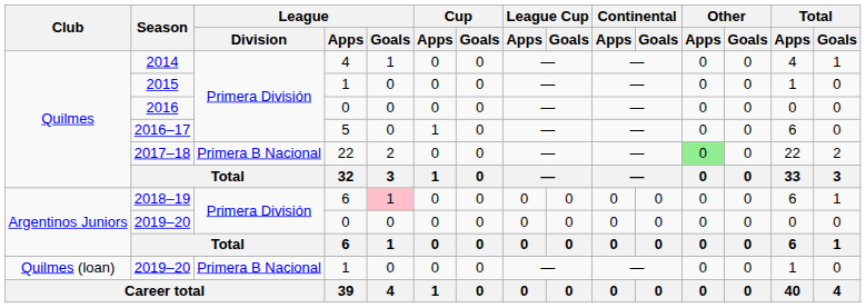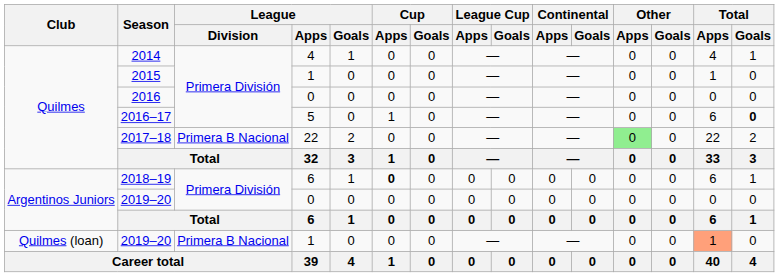 <table class="wikitable" style="text-align:center">
 <tr>
 <th rowspan="2">Club</th>
 <th rowspan="2">Season</th>
 <th colspan="3">League</th>
 <th colspan="2">Cup</th>
 <th colspan="2">League Cup</th>
 <th colspan="2">Continental</th>
 <th colspan="2">Other</th>
 <th colspan="2">Total</th>
 </tr>
 <tr>
 <th>Division</th>
 <th>Apps</th>
 <th>Goals</th>
 <th>Apps</th>
 <th>Goals</th>
 <th>Apps</th>
 <th>Goals</th>
 <th>Apps</th>
 <th>Goals</th>
 <th>Apps</th>
 <th>Goals</th>
 <th>Apps</th>
 <th>Goals</th>
 </tr>
 <tr>
 <td rowspan="6"><a href='#'>Quilmes</a></td>
 <td><a href='#'>2014</a></td>
 <td rowspan="4"><a href='#'>Primera División</a></td>
 <td>4</td>
 <td>1</td>
 <td>0</td>
 <td>0</td>
 <td colspan="2">—</td>
 <td colspan="2">—</td>
 <td>0</td>
 <td>0</td>
 <td>4</td>
 <td>1</td>
 </tr>
 <tr>
 <td><a href='#'>2015</a></td>
 <td>1</td>
 <td>0</td>
 <td>0</td>
 <td>0</td>
 <td colspan="2">—</td>
 <td colspan="2">—</td>
 <td>0</td>
 <td>0</td>
 <td>1</td>
 <td>0</td>
 </tr>
 <tr>
 <td><a href='#'>2016</a></td>
 <td>0</td>
 <td>0</td>
 <td>0</td>
 <td>0</td>
 <td colspan="2">—</td>
 <td colspan="2">—</td>
 <td>0</td>
 <td>0</td>
 <td>0</td>
 <td>0</td>
 </tr>
 <tr>
 <td><a href='#'>2016–17</a></td>
 <td>5</td>
 <td>0</td>
 <td>1</td>
 <td>0</td>
 <td colspan="2">—</td>
 <td colspan="2">—</td>
 <td>0</td>
 <td>0</td>
 <td>6</td>
-<td>0</td>
+<td><strong>0</strong></td>
 </tr>
 <tr>
 <td><a href='#'>2017–18</a></td>
 <td rowspan="1"><a href='#'>Primera B Nacional</a></td>
 <td>22</td>
 <td>2</td>
 <td>0</td>
 <td>0</td>
 <td colspan="2">—</td>
 <td colspan="2">—</td>
 <td style="background: lightgreen;">0</td>
 <td>0</td>
 <td>22</td>
 <td>2</td>
 </tr>
 <tr>
 <th colspan="2">Total</th>
 <th>32</th>
 <th>3</th>
 <th>1</th>
 <th>0</th>
 <th colspan="2">—</th>
 <th colspan="2">—</th>
 <th>0</th>
 <th>0</th>
 <th>33</th>
 <th>3</th>
 </tr>
 <tr>
 <td rowspan="3"><a href='#'>Argentinos Juniors</a></td>
 <td><a href='#'>2018–19</a></td>
 <td rowspan="2"><a href='#'>Primera División</a></td>
 <td>6</td>
-<td style="background: pink;">1</td>
-<td>0</td>
+<td>1</td>
+<td><strong>0</strong></td>
 <td>0</td>
 <td>0</td>
 <td>0</td>
 <td>0</td>
 <td>0</td>
 <td>0</td>
 <td>0</td>
 <td>6</td>
 <td>1</td>
 </tr>
 <tr>
 <td><a href='#'>2019–20</a></td>
 <td>0</td>
 <td>0</td>
 <td>0</td>
 <td>0</td>
 <td>0</td>
 <td>0</td>
 <td>0</td>
 <td>0</td>
 <td>0</td>
 <td>0</td>
 <td>0</td>
 <td>0</td>
 </tr>
 <tr>
 <th colspan="2">Total</th>
 <th>6</th>
 <th>1</th>
 <th>0</th>
 <th>0</th>
 <th>0</th>
 <th>0</th>
 <th>0</th>
 <th>0</th>
 <th>0</th>
 <th>0</th>
 <th>6</th>
 <th>1</th>
 </tr>
 <tr>
 <td rowspan="1"><a href='#'>Quilmes</a> (loan)</td>
 <td><a href='#'>2019–20</a></td>
 <td rowspan="1"><a href='#'>Primera B Nacional</a></td>
 <td>1</td>
 <td>0</td>
 <td>0</td>
 <td>0</td>
 <td colspan="2">—</td>
 <td colspan="2">—</td>
 <td>0</td>
 <td>0</td>
-<td>1</td>
+<td style="background: lightsalmon;">1</td>
 <td>0</td>
 </tr>
 <tr>
 <th colspan="3">Career total</th>
 <th>39</th>
 <th>4</th>
 <th>1</th>
 <th>0</th>
 <th>0</th>
 <th>0</th>
 <th>0</th>
 <th>0</th>
 <th>0</th>
 <th>0</th>
 <th>40</th>
 <th>4</th>
 </tr>
 </table>
